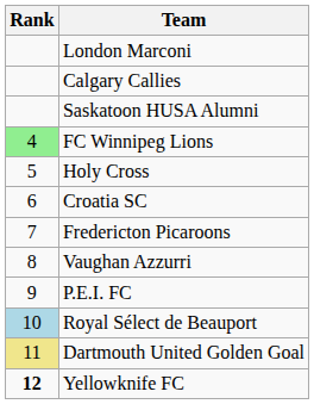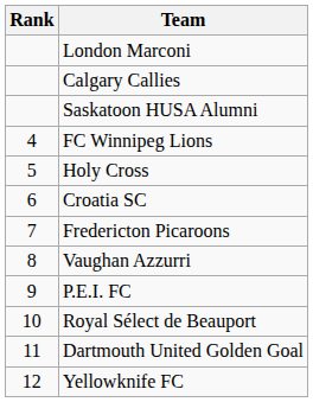 <table class="wikitable">
 <tr>
 <th>Rank</th>
 <th>Team</th>
 </tr>
 <tr>
 <td align=center></td>
 <td> London Marconi</td>
 </tr>
 <tr>
 <td align=center></td>
 <td> Calgary Callies</td>
 </tr>
 <tr>
 <td align=center></td>
 <td> Saskatoon HUSA Alumni</td>
 </tr>
 <tr>
-<td align=center style="background: lightgreen;">4</td>
+<td align=center>4</td>
 <td> FC Winnipeg Lions</td>
 </tr>
 <tr>
 <td align=center>5</td>
 <td> Holy Cross</td>
 </tr>
 <tr>
 <td align=center>6</td>
 <td> Croatia SC</td>
 </tr>
 <tr>
 <td align=center>7</td>
 <td> Fredericton Picaroons</td>
 </tr>
 <tr>
 <td align=center>8</td>
 <td> Vaughan Azzurri</td>
 </tr>
 <tr>
 <td align=center>9</td>
 <td> P.E.I. FC</td>
 </tr>
 <tr>
-<td align=center style="background: lightblue;">10</td>
+<td align=center>10</td>
 <td> Royal Sélect de Beauport</td>
 </tr>
 <tr>
-<td align=center style="background: khaki;">11</td>
+<td align=center>11</td>
 <td> Dartmouth United Golden Goal</td>
 </tr>
 <tr>
-<td align=center><strong>12</strong></td>
+<td align=center>12</td>
 <td> Yellowknife FC</td>
 </tr>
 </table>
